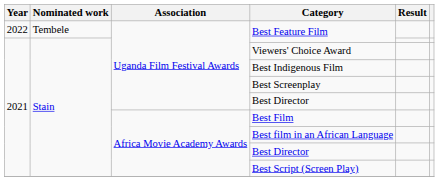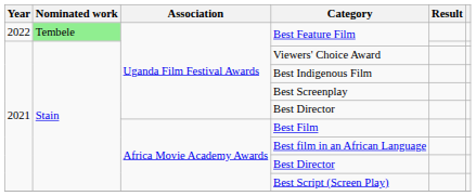 <table class="wikitable">
 <tr>
 <th>Year</th>
 <th>Nominated work</th>
 <th>Association</th>
 <th>Category</th>
 <th>Result</th>
 <th></th>
 </tr>
 <tr>
 <td align="center">2022</td>
-<td>Tembele</td>
+<td style="background: lightgreen;">Tembele</td>
 <td rowspan="6"><a href='#'>Uganda Film Festival Awards</a></td>
 <td rowspan="2"><a href='#'>Best Feature Film</a></td>
 <td></td>
 <td></td>
 </tr>
 <tr>
 <td rowspan="9" align="center">2021</td>
 <td rowspan="9"><a href='#'>Stain</a></td>
 <td></td>
 <td style="text-align:center"></td>
 </tr>
 <tr>
 <td>Viewers' Choice Award</td>
 <td></td>
 <td style="text-align:center"></td>
 </tr>
 <tr>
 <td>Best Indigenous Film</td>
 <td></td>
 <td style="text-align:center"></td>
 </tr>
 <tr>
 <td>Best Screenplay</td>
 <td></td>
 <td style="text-align:center"></td>
 </tr>
 <tr>
 <td>Best Director</td>
 <td></td>
 <td style="text-align:center"></td>
 </tr>
 <tr>
 <td rowspan="4"><a href='#'>Africa Movie Academy Awards</a></td>
 <td><a href='#'>Best Film</a></td>
 <td></td>
 <td style="text-align:center"></td>
 </tr>
 <tr>
 <td><a href='#'>Best film in an African Language</a></td>
 <td></td>
 <td style="text-align:center"></td>
 </tr>
 <tr>
 <td><a href='#'>Best Director</a></td>
 <td></td>
 <td></td>
 </tr>
 <tr>
 <td><a href='#'>Best Script (Screen Play)</a></td>
 <td></td>
 <td style="text-align:center"></td>
 </tr>
 <tr>
 </tr>
 </table>
